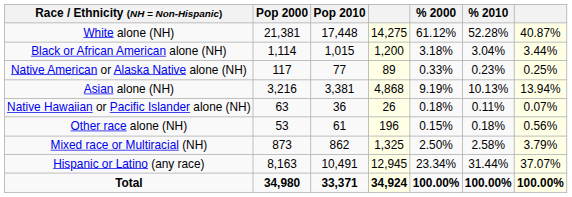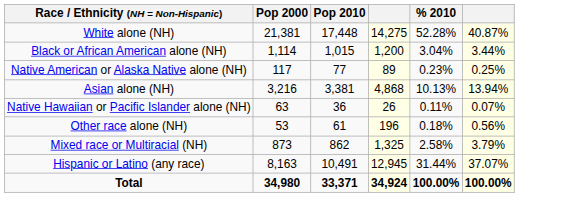 <table class="wikitable" style="text-align:center;">
 <tr>
 <th>Race / Ethnicity <small>(<em>NH = Non-Hispanic</em>)</small></th>
 <th>Pop 2000</th>
 <th>Pop 2010</th>
 <th></th>
-<th>% 2000</th>
 <th>% 2010</th>
 <th></th>
 </tr>
 <tr>
 <td><a href='#'>White</a> alone (NH)</td>
 <td>21,381</td>
 <td>17,448</td>
 <td style='background: #ffffe6;'>14,275</td>
-<td>61.12%</td>
 <td>52.28%</td>
 <td style='background: #ffffe6;'>40.87%</td>
 </tr>
 <tr>
 <td><a href='#'>Black or African American</a> alone (NH)</td>
 <td>1,114</td>
 <td>1,015</td>
 <td style='background: #ffffe6;'>1,200</td>
-<td>3.18%</td>
 <td>3.04%</td>
 <td style='background: #ffffe6;'>3.44%</td>
 </tr>
 <tr>
 <td><a href='#'>Native American</a> or <a href='#'>Alaska Native</a> alone (NH)</td>
 <td>117</td>
 <td>77</td>
 <td style='background: #ffffe6;'>89</td>
-<td>0.33%</td>
 <td>0.23%</td>
 <td style='background: #ffffe6;'>0.25%</td>
 </tr>
 <tr>
 <td><a href='#'>Asian</a> alone (NH)</td>
 <td>3,216</td>
 <td>3,381</td>
 <td style='background: #ffffe6;'>4,868</td>
-<td>9.19%</td>
 <td>10.13%</td>
 <td style='background: #ffffe6;'>13.94%</td>
 </tr>
 <tr>
 <td><a href='#'>Native Hawaiian</a> or <a href='#'>Pacific Islander</a> alone (NH)</td>
 <td>63</td>
 <td>36</td>
 <td style='background: #ffffe6;'>26</td>
-<td>0.18%</td>
 <td>0.11%</td>
 <td style='background: #ffffe6;'>0.07%</td>
 </tr>
 <tr>
 <td><a href='#'>Other race</a> alone (NH)</td>
 <td>53</td>
 <td>61</td>
 <td style='background: #ffffe6;'>196</td>
-<td>0.15%</td>
 <td>0.18%</td>
 <td style='background: #ffffe6;'>0.56%</td>
 </tr>
 <tr>
 <td><a href='#'>Mixed race or Multiracial</a> (NH)</td>
 <td>873</td>
 <td>862</td>
 <td style='background: #ffffe6;'>1,325</td>
-<td>2.50%</td>
 <td>2.58%</td>
 <td style='background: #ffffe6;'>3.79%</td>
 </tr>
 <tr>
 <td><a href='#'>Hispanic or Latino</a> (any race)</td>
 <td>8,163</td>
 <td>10,491</td>
 <td style='background: #ffffe6;'>12,945</td>
-<td>23.34%</td>
 <td>31.44%</td>
 <td style='background: #ffffe6;'>37.07%</td>
 </tr>
 <tr>
 <td><strong>Total</strong></td>
 <td><strong>34,980</strong></td>
 <td><strong>33,371</strong></td>
 <td style='background: #ffffe6;'><strong>34,924</strong></td>
 <td><strong>100.00%</strong></td>
-<td><strong>100.00%</strong></td>
 <td style='background: #ffffe6;'><strong>100.00%</strong></td>
 </tr>
 </table>
